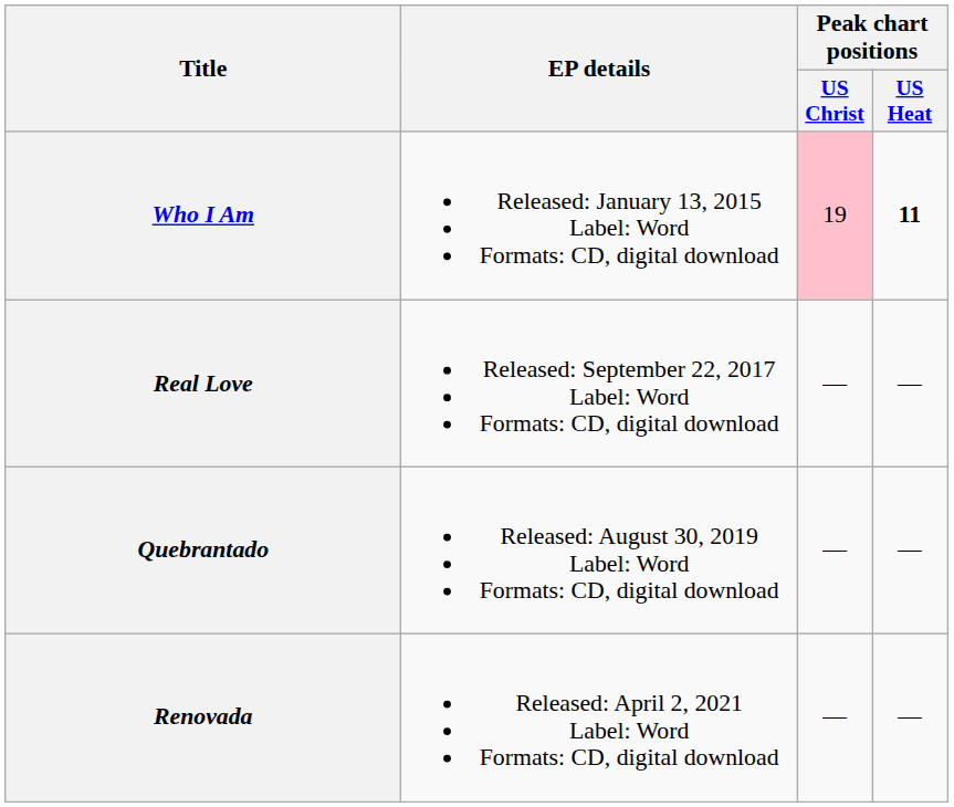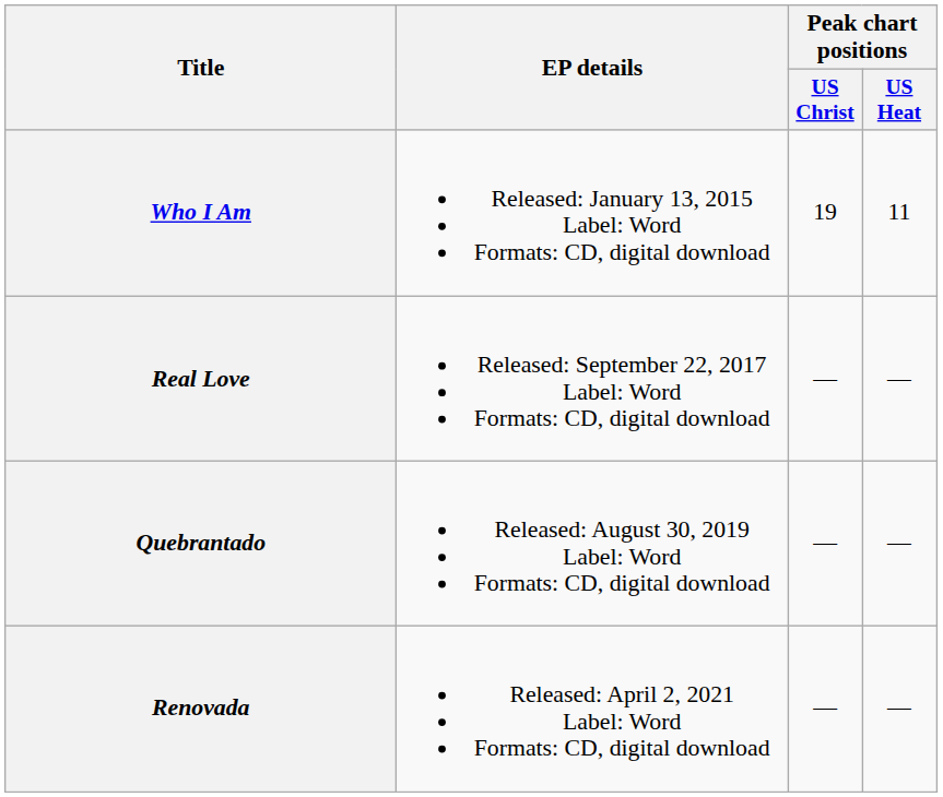 <table class="wikitable plainrowheaders" style="text-align:center;">
 <tr>
 <th scope="col" rowspan="2" style="width:16em;">Title</th>
 <th scope="col" rowspan="2" style="width:16em;">EP details</th>
 <th scope="col" colspan="2">Peak chart positions</th>
 </tr>
 <tr>
 <th style="width:3em; font-size:90%"><a href='#'>US<br>Christ</a><br></th>
 <th style="width:3em; font-size:90%"><a href='#'>US<br>Heat</a><br></th>
 </tr>
 <tr>
 <th scope="row"><em><a href='#'>Who I Am</a></em></th>
 <td><br><ul><li>Released: January 13, 2015</li><li>Label: Word</li><li>Formats: CD, digital download</li></ul></td>
-<td style="background: pink;">19</td>
-<td><strong>11</strong></td>
+<td>19</td>
+<td>11</td>
 </tr>
 <tr>
 <th scope="row"><em>Real Love</em></th>
 <td><br><ul><li>Released: September 22, 2017</li><li>Label: Word</li><li>Formats: CD, digital download</li></ul></td>
 <td>—</td>
 <td>—</td>
 </tr>
 <tr>
 <th scope="row"><em>Quebrantado</em></th>
 <td><br><ul><li>Released: August 30, 2019</li><li>Label: Word</li><li>Formats: CD, digital download</li></ul></td>
 <td>—</td>
 <td>—</td>
 </tr>
 <tr>
 <th scope="row"><em>Renovada</em></th>
 <td><br><ul><li>Released: April 2, 2021</li><li>Label: Word</li><li>Formats: CD, digital download</li></ul></td>
 <td>—</td>
 <td>—</td>
 </tr>
 </table>
